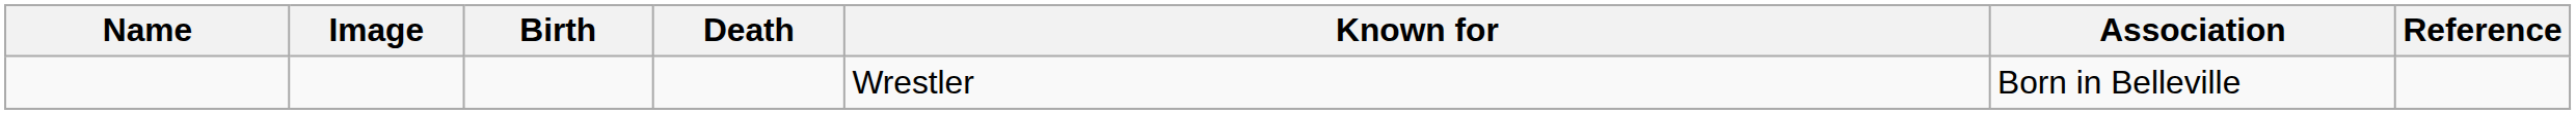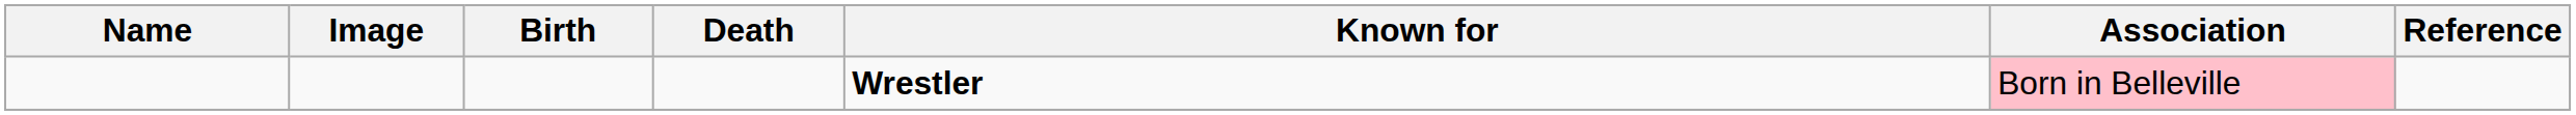 <table class="wikitable sortable">
 <tr>
 <th scope="col" width="140">Name</th>
 <th scope="col" width="80" class="unsortable">Image</th>
 <th scope="col" width="90">Birth</th>
 <th scope="col" width="90">Death</th>
 <th scope="col" width="600" class="unsortable">Known for</th>
 <th scope="col" width="200" class="unsortable">Association</th>
 <th scope="col" width="30" class="unsortable">Reference</th>
 </tr>
 <tr>
 <td></td>
 <td></td>
 <td align=right></td>
 <td></td>
-<td>Wrestler</td>
-<td>Born in Belleville</td>
+<td><strong>Wrestler</strong></td>
+<td style="background: pink;">Born in Belleville</td>
 <td align="center"></td>
 </tr>
 <tr>
 </tr>
 </table>
